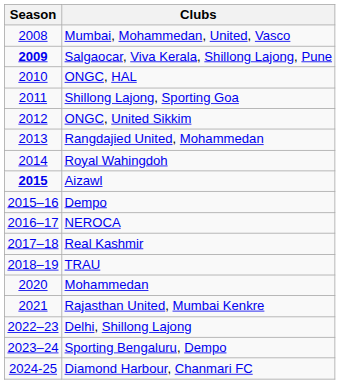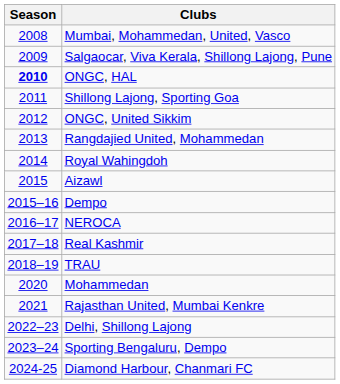 <table class="wikitable" style="text-align:left;">
 <tr>
 <th>Season</th>
 <th>Clubs</th>
 </tr>
 <tr>
 <td align="center"><a href='#'>2008</a></td>
 <td><a href='#'>Mumbai</a>, <a href='#'>Mohammedan</a>, <a href='#'>United</a>,  <a href='#'>Vasco</a></td>
 </tr>
 <tr>
-<td align="center"><strong><a href='#'>2009</a></strong></td>
+<td align="center"><a href='#'>2009</a></td>
 <td><a href='#'>Salgaocar</a>, <a href='#'>Viva Kerala</a>, <a href='#'>Shillong Lajong</a>, <a href='#'>Pune</a></td>
 </tr>
 <tr>
-<td align="center"><a href='#'>2010</a></td>
+<td align="center"><strong><a href='#'>2010</a></strong></td>
 <td><a href='#'>ONGC</a>, <a href='#'>HAL</a></td>
 </tr>
 <tr>
 <td align="center"><a href='#'>2011</a></td>
 <td><a href='#'>Shillong Lajong</a>, <a href='#'>Sporting Goa</a></td>
 </tr>
 <tr>
 <td align="center"><a href='#'>2012</a></td>
 <td><a href='#'>ONGC</a>, <a href='#'>United Sikkim</a></td>
 </tr>
 <tr>
 <td align="center"><a href='#'>2013</a></td>
 <td><a href='#'>Rangdajied United</a>, <a href='#'>Mohammedan</a></td>
 </tr>
 <tr>
 <td align="center"><a href='#'>2014</a></td>
 <td><a href='#'>Royal Wahingdoh</a></td>
 </tr>
 <tr>
-<td align="center"><strong><a href='#'>2015</a></strong></td>
+<td align="center"><a href='#'>2015</a></td>
 <td><a href='#'>Aizawl</a></td>
 </tr>
 <tr>
 <td align="center"><a href='#'>2015–16</a></td>
 <td><a href='#'>Dempo</a></td>
 </tr>
 <tr>
 <td align="center"><a href='#'>2016–17</a></td>
 <td><a href='#'>NEROCA</a></td>
 </tr>
 <tr>
 <td align="center"><a href='#'>2017–18</a></td>
 <td><a href='#'>Real Kashmir</a></td>
 </tr>
 <tr>
 <td align="center"><a href='#'>2018–19</a></td>
 <td><a href='#'>TRAU</a></td>
 </tr>
 <tr>
 <td align="center"><a href='#'>2020</a></td>
 <td><a href='#'>Mohammedan</a></td>
 </tr>
 <tr>
 <td align="center"><a href='#'>2021</a></td>
 <td><a href='#'>Rajasthan United</a>, <a href='#'>Mumbai Kenkre</a></td>
 </tr>
 <tr>
 <td align="center"><a href='#'>2022–23</a></td>
 <td><a href='#'>Delhi</a>, <a href='#'>Shillong Lajong</a></td>
 </tr>
 <tr>
 <td align="center"><a href='#'>2023–24</a></td>
 <td><a href='#'>Sporting Bengaluru</a>, <a href='#'>Dempo</a></td>
 </tr>
 <tr>
 <td align="center"><a href='#'>2024-25</a></td>
 <td><a href='#'>Diamond Harbour</a>, <a href='#'>Chanmari FC</a></td>
 </tr>
 </table>
